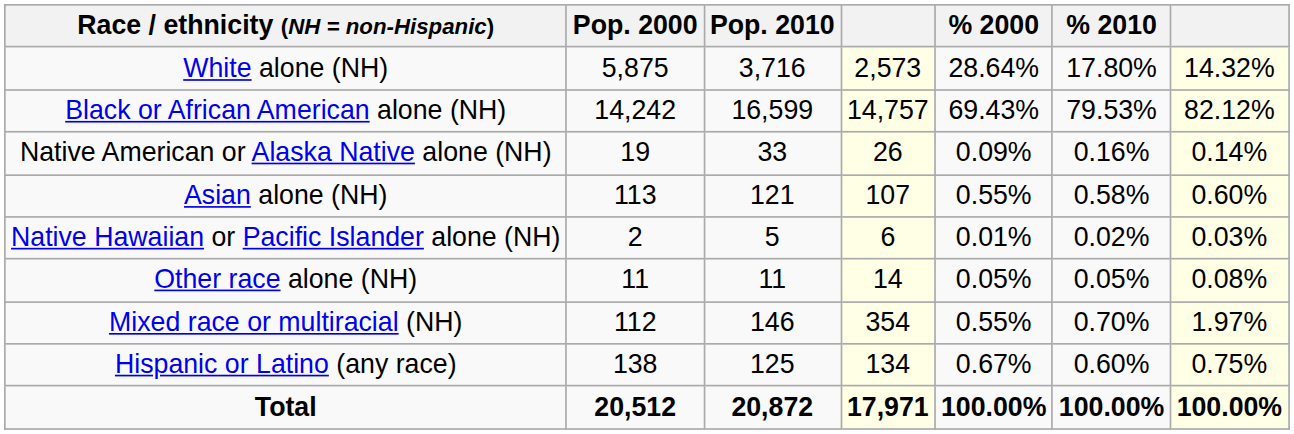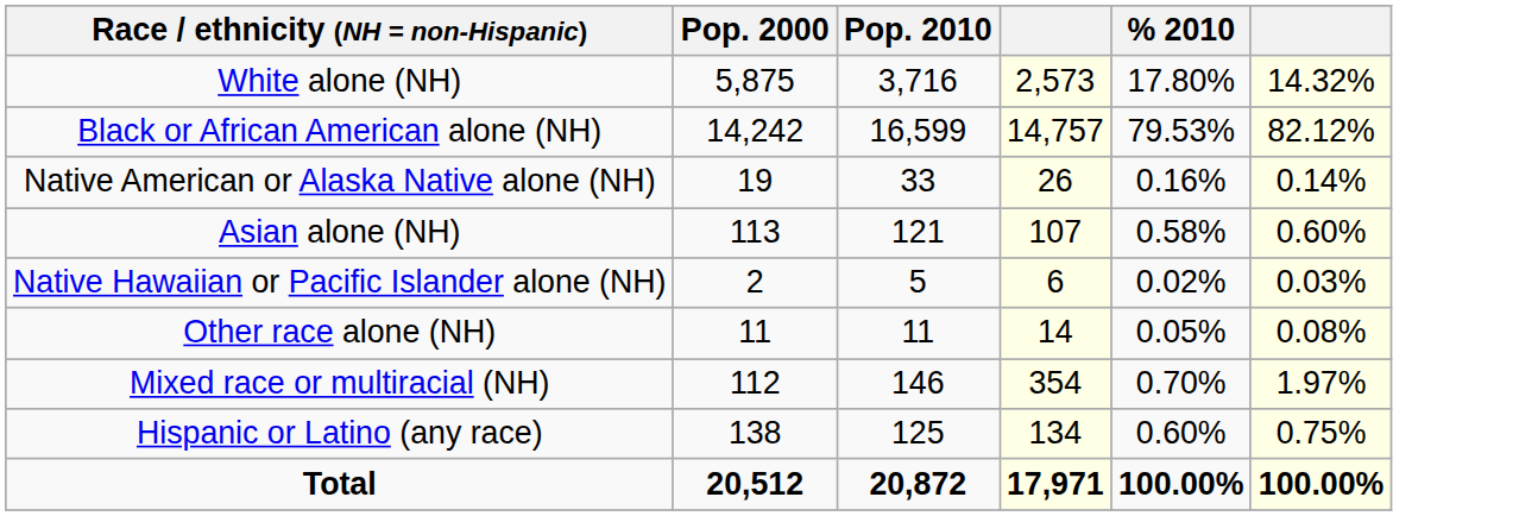 <table class="wikitable" style="text-align:center;">
 <tr>
 <th>Race / ethnicity <small>(<em>NH = non-Hispanic</em>)</small></th>
 <th>Pop. 2000</th>
 <th>Pop. 2010</th>
 <th></th>
-<th>% 2000</th>
 <th>% 2010</th>
 <th></th>
 </tr>
 <tr>
 <td><a href='#'>White</a> alone (NH)</td>
 <td>5,875</td>
 <td>3,716</td>
 <td style='background: #ffffe6;'>2,573</td>
-<td>28.64%</td>
 <td>17.80%</td>
 <td style='background: #ffffe6;'>14.32%</td>
 </tr>
 <tr>
 <td><a href='#'>Black or African American</a> alone (NH)</td>
 <td>14,242</td>
 <td>16,599</td>
 <td style='background: #ffffe6;'>14,757</td>
-<td>69.43%</td>
 <td>79.53%</td>
 <td style='background: #ffffe6;'>82.12%</td>
 </tr>
 <tr>
 <td>Native American or <a href='#'>Alaska Native</a> alone (NH)</td>
 <td>19</td>
 <td>33</td>
 <td style='background: #ffffe6;'>26</td>
-<td>0.09%</td>
 <td>0.16%</td>
 <td style='background: #ffffe6;'>0.14%</td>
 </tr>
 <tr>
 <td><a href='#'>Asian</a> alone (NH)</td>
 <td>113</td>
 <td>121</td>
 <td style='background: #ffffe6;'>107</td>
-<td>0.55%</td>
 <td>0.58%</td>
 <td style='background: #ffffe6;'>0.60%</td>
 </tr>
 <tr>
 <td><a href='#'>Native Hawaiian</a> or <a href='#'>Pacific Islander</a> alone (NH)</td>
 <td>2</td>
 <td>5</td>
 <td style='background: #ffffe6;'>6</td>
-<td>0.01%</td>
 <td>0.02%</td>
 <td style='background: #ffffe6;'>0.03%</td>
 </tr>
 <tr>
 <td><a href='#'>Other race</a> alone (NH)</td>
 <td>11</td>
 <td>11</td>
 <td style='background: #ffffe6;'>14</td>
 <td>0.05%</td>
-<td>0.05%</td>
 <td style='background: #ffffe6;'>0.08%</td>
 </tr>
 <tr>
 <td><a href='#'>Mixed race or multiracial</a> (NH)</td>
 <td>112</td>
 <td>146</td>
 <td style='background: #ffffe6;'>354</td>
-<td>0.55%</td>
 <td>0.70%</td>
 <td style='background: #ffffe6;'>1.97%</td>
 </tr>
 <tr>
 <td><a href='#'>Hispanic or Latino</a> (any race)</td>
 <td>138</td>
 <td>125</td>
 <td style='background: #ffffe6;'>134</td>
-<td>0.67%</td>
 <td>0.60%</td>
 <td style='background: #ffffe6;'>0.75%</td>
 </tr>
 <tr>
 <td><strong>Total</strong></td>
 <td><strong>20,512</strong></td>
 <td><strong>20,872</strong></td>
 <td style='background: #ffffe6;'><strong>17,971</strong></td>
 <td><strong>100.00%</strong></td>
-<td><strong>100.00%</strong></td>
 <td style='background: #ffffe6;'><strong>100.00%</strong></td>
 </tr>
 </table>
